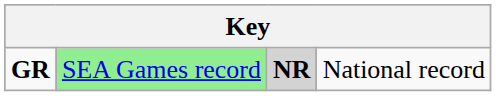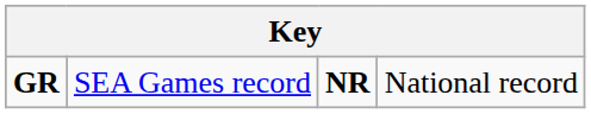 <table class="wikitable" style="font-size:95%; position:relative;">
 <tr>
 <th colspan=8>Key</th>
 </tr>
 <tr>
 <td align=center><strong>GR</strong></td>
-<td style="background: lightgreen;"><a href='#'>SEA Games record</a></td>
-<td align=center style="background: lightgrey;"><strong>NR</strong></td>
+<td><a href='#'>SEA Games record</a></td>
+<td align=center><strong>NR</strong></td>
 <td>National record</td>
 </tr>
 </table>
